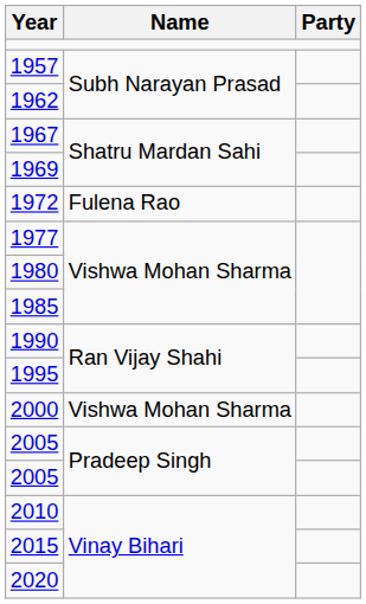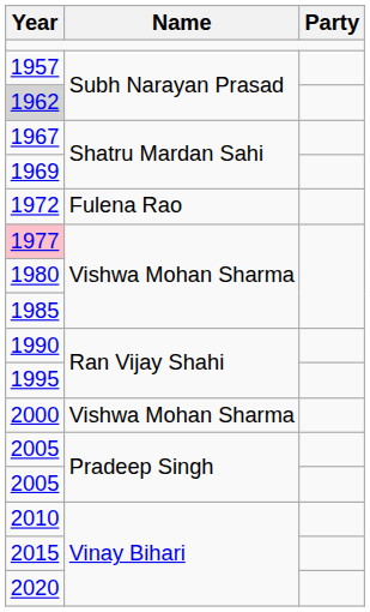 <table class="wikitable sortable">
 <tr>
 <th>Year</th>
 <th>Name</th>
 <th colspan="2">Party</th>
 </tr>
 <tr>
 <td colspan="4"></td>
 </tr>
 <tr>
 <td><a href='#'>1957</a></td>
 <td rowspan="2">Subh Narayan Prasad</td>
 <td></td>
 </tr>
 <tr>
-<td><a href='#'>1962</a></td>
+<td style="background: lightgrey;"><a href='#'>1962</a></td>
 </tr>
 <tr>
 <td><a href='#'>1967</a></td>
 <td rowspan="2">Shatru Mardan Sahi</td>
 <td></td>
 </tr>
 <tr>
 <td><a href='#'>1969</a></td>
 <td></td>
 </tr>
 <tr>
 <td><a href='#'>1972</a></td>
 <td>Fulena Rao</td>
 <td></td>
 </tr>
 <tr>
-<td><a href='#'>1977</a></td>
+<td style="background: pink;"><a href='#'>1977</a></td>
 <td rowspan="3">Vishwa Mohan Sharma</td>
 </tr>
 <tr>
 <td><a href='#'>1980</a></td>
 </tr>
 <tr>
 <td><a href='#'>1985</a></td>
 </tr>
 <tr>
 <td><a href='#'>1990</a></td>
 <td rowspan="2">Ran Vijay Shahi</td>
 <td></td>
 </tr>
 <tr>
 <td><a href='#'>1995</a></td>
 </tr>
 <tr>
 <td><a href='#'>2000</a></td>
 <td>Vishwa Mohan Sharma</td>
 <td></td>
 </tr>
 <tr>
 <td><a href='#'>2005</a></td>
 <td rowspan="2">Pradeep Singh</td>
 <td></td>
 </tr>
 <tr>
 <td><a href='#'>2005</a></td>
 </tr>
 <tr>
 <td><a href='#'>2010</a></td>
 <td rowspan="3"><a href='#'>Vinay Bihari</a></td>
 <td></td>
 </tr>
 <tr>
 <td><a href='#'>2015</a></td>
 <td></td>
 </tr>
 <tr>
 <td><a href='#'>2020</a></td>
 </tr>
 </table>
